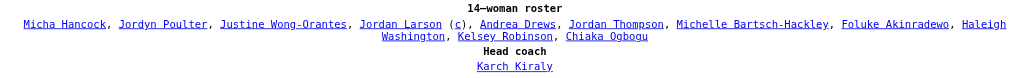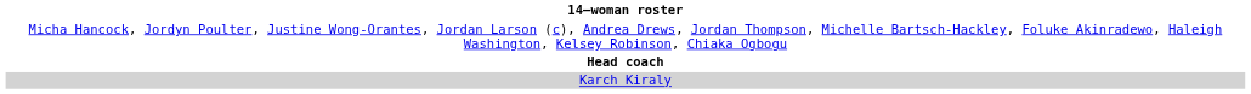 <table style="text-align:center; margin-top:2em; margin-left:auto; margin-right:auto">
 <tr>
 <td><strong>14–woman roster</strong></td>
 </tr>
 <tr>
 <td><a href='#'>Micha Hancock</a>, <a href='#'>Jordyn Poulter</a>, <a href='#'>Justine Wong-Orantes</a>, <a href='#'>Jordan Larson</a> (<a href='#'>c</a>), <a href='#'>Andrea Drews</a>, <a href='#'>Jordan Thompson</a>, <a href='#'>Michelle Bartsch-Hackley</a>, <a href='#'>Foluke Akinradewo</a>, <a href='#'>Haleigh Washington</a>, <a href='#'>Kelsey Robinson</a>, <a href='#'>Chiaka Ogbogu</a></td>
 </tr>
 <tr>
 <td><strong>Head coach</strong></td>
 </tr>
 <tr>
-<td><a href='#'>Karch Kiraly</a></td>
+<td style="background: lightgrey;"><a href='#'>Karch Kiraly</a></td>
 </tr>
 </table>
